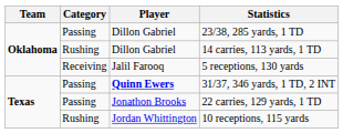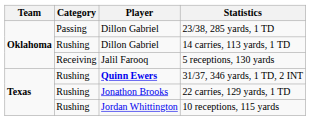 <table class="wikitable" style="float: right;">
 <tr>
 <th>Team</th>
 <th>Category</th>
 <th>Player</th>
 <th>Statistics</th>
 </tr>
 <tr>
 <td rowspan=3><strong>Oklahoma</strong></td>
 <td>Passing</td>
 <td>Dillon Gabriel</td>
 <td>23/38, 285 yards, 1 TD</td>
 </tr>
 <tr>
 <td>Rushing</td>
 <td>Dillon Gabriel</td>
 <td>14 carries, 113 yards, 1 TD</td>
 </tr>
 <tr>
 <td>Receiving</td>
 <td>Jalil Farooq</td>
 <td>5 receptions, 130 yards</td>
 </tr>
 <tr>
 <td rowspan=3><strong>Texas</strong></td>
-<td>Passing</td>
+<td>Rushing</td>
 <td><strong><a href='#'>Quinn Ewers</a></strong></td>
 <td>31/37, 346 yards, 1 TD, 2 INT</td>
 </tr>
 <tr>
-<td>Passing</td>
+<td>Rushing</td>
 <td><a href='#'>Jonathon Brooks</a></td>
 <td>22 carries, 129 yards, 1 TD</td>
 </tr>
 <tr>
 <td>Rushing</td>
 <td><a href='#'>Jordan Whittington</a></td>
 <td>10 receptions, 115 yards</td>
 </tr>
 </table>
